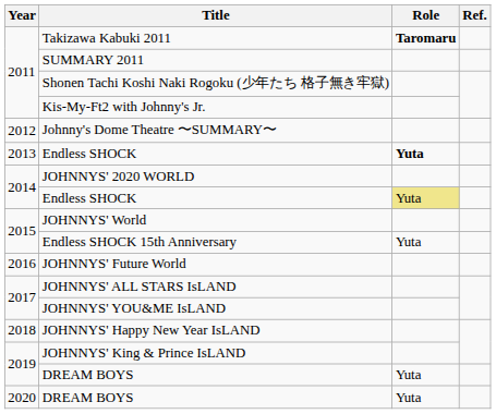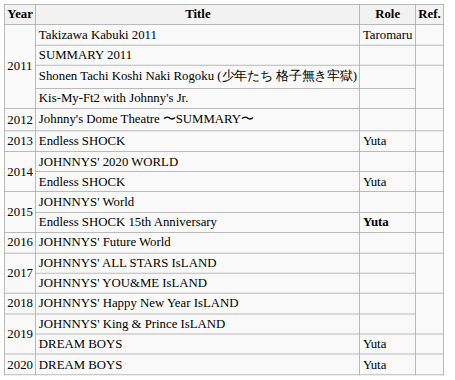 <table class="wikitable">
 <tr>
 <th>Year</th>
 <th>Title</th>
 <th>Role</th>
 <th>Ref.</th>
 </tr>
 <tr>
 <td rowspan="4">2011</td>
 <td>Takizawa Kabuki 2011</td>
-<td><strong>Taromaru</strong></td>
+<td>Taromaru</td>
 <td></td>
 </tr>
 <tr>
 <td>SUMMARY 2011</td>
 <td></td>
 <td></td>
 </tr>
 <tr>
 <td>Shonen Tachi Koshi Naki Rogoku (少年たち 格子無き牢獄)</td>
 <td></td>
 <td rowspan="2"></td>
 </tr>
 <tr>
 <td>Kis-My-Ft2 with Johnny's Jr.</td>
 <td></td>
 </tr>
 <tr>
 <td>2012</td>
 <td>Johnny's Dome Theatre 〜SUMMARY〜</td>
 <td></td>
 <td></td>
 </tr>
 <tr>
 <td>2013</td>
 <td>Endless SHOCK</td>
-<td><strong>Yuta</strong></td>
+<td>Yuta</td>
 <td></td>
 </tr>
 <tr>
 <td rowspan="2">2014</td>
 <td>JOHNNYS' 2020 WORLD</td>
 <td></td>
 <td></td>
 </tr>
 <tr>
 <td>Endless SHOCK</td>
-<td style="background: khaki;">Yuta</td>
+<td>Yuta</td>
 <td></td>
 </tr>
 <tr>
 <td rowspan="2">2015</td>
 <td>JOHNNYS' World</td>
 <td></td>
 <td></td>
 </tr>
 <tr>
 <td>Endless SHOCK 15th Anniversary</td>
-<td>Yuta</td>
+<td><strong>Yuta</strong></td>
 <td></td>
 </tr>
 <tr>
 <td>2016</td>
 <td>JOHNNYS' Future World</td>
 <td></td>
 <td></td>
 </tr>
 <tr>
 <td rowspan="2">2017</td>
 <td>JOHNNYS' ALL STARS IsLAND</td>
 <td></td>
 <td rowspan="2"></td>
 </tr>
 <tr>
 <td>JOHNNYS' YOU&ME IsLAND</td>
 <td></td>
 </tr>
 <tr>
 <td>2018</td>
 <td>JOHNNYS' Happy New Year IsLAND</td>
 <td></td>
 <td rowspan="2"></td>
 </tr>
 <tr>
 <td rowspan="2">2019</td>
 <td>JOHNNYS' King & Prince IsLAND</td>
 <td></td>
 </tr>
 <tr>
 <td>DREAM BOYS</td>
 <td>Yuta</td>
 <td></td>
 </tr>
 <tr>
 <td>2020</td>
 <td>DREAM BOYS</td>
 <td>Yuta</td>
 <td></td>
 </tr>
 </table>
